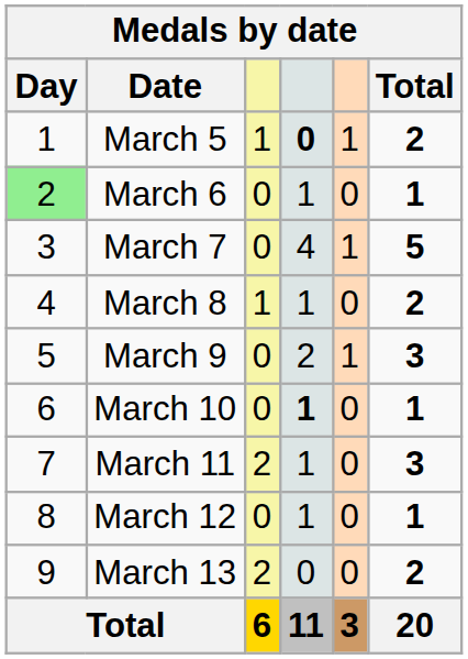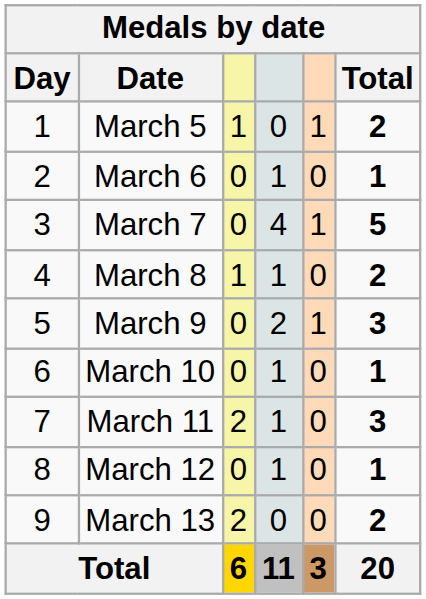 <table class="wikitable" style="font-size:85%;float:right;text-align:center;clear:right;margin-left:0.5em;">
 <tr>
 <th colspan=6>Medals by date</th>
 </tr>
 <tr>
 <th>Day</th>
 <th>Date</th>
 <td bgcolor=F7F6A8></td>
 <td bgcolor=DCE5E5></td>
 <td bgcolor=FFDAB9></td>
 <th>Total</th>
 </tr>
 <tr>
 <td>1</td>
 <td>March 5</td>
 <td bgcolor=F7F6A8>1</td>
-<td bgcolor=DCE5E5><strong>0</strong></td>
+<td bgcolor=DCE5E5>0</td>
 <td bgcolor=FFDAB9>1</td>
 <td><strong>2</strong></td>
 </tr>
 <tr>
-<td style="background: lightgreen;">2</td>
+<td>2</td>
 <td>March 6</td>
 <td bgcolor=F7F6A8>0</td>
 <td bgcolor=DCE5E5>1</td>
 <td bgcolor=FFDAB9>0</td>
 <td><strong>1</strong></td>
 </tr>
 <tr>
 <td>3</td>
 <td>March 7</td>
 <td bgcolor=F7F6A8>0</td>
 <td bgcolor=DCE5E5>4</td>
 <td bgcolor=FFDAB9>1</td>
 <td><strong>5</strong></td>
 </tr>
 <tr>
 <td>4</td>
 <td>March 8</td>
 <td bgcolor=F7F6A8>1</td>
 <td bgcolor=DCE5E5>1</td>
 <td bgcolor=FFDAB9>0</td>
 <td><strong>2</strong></td>
 </tr>
 <tr>
 <td>5</td>
 <td>March 9</td>
 <td bgcolor=F7F6A8>0</td>
 <td bgcolor=DCE5E5>2</td>
 <td bgcolor=FFDAB9>1</td>
 <td><strong>3</strong></td>
 </tr>
 <tr>
 <td>6</td>
 <td>March 10</td>
 <td bgcolor=F7F6A8>0</td>
-<td bgcolor=DCE5E5><strong>1</strong></td>
+<td bgcolor=DCE5E5>1</td>
 <td bgcolor=FFDAB9>0</td>
 <td><strong>1</strong></td>
 </tr>
 <tr>
 <td>7</td>
 <td>March 11</td>
 <td bgcolor=F7F6A8>2</td>
 <td bgcolor=DCE5E5>1</td>
 <td bgcolor=FFDAB9>0</td>
 <td><strong>3</strong></td>
 </tr>
 <tr>
 <td>8</td>
 <td>March 12</td>
 <td bgcolor=F7F6A8>0</td>
 <td bgcolor=DCE5E5>1</td>
 <td bgcolor=FFDAB9>0</td>
 <td><strong>1</strong></td>
 </tr>
 <tr>
 <td>9</td>
 <td>March 13</td>
 <td bgcolor=F7F6A8>2</td>
 <td bgcolor=DCE5E5>0</td>
 <td bgcolor=FFDAB9>0</td>
 <td><strong>2</strong></td>
 </tr>
 <tr>
 <th colspan=2>Total</th>
 <th style=background:gold>6</th>
 <th style=background:silver>11</th>
 <th style=background:#c96>3</th>
 <th>20</th>
 </tr>
 </table>
